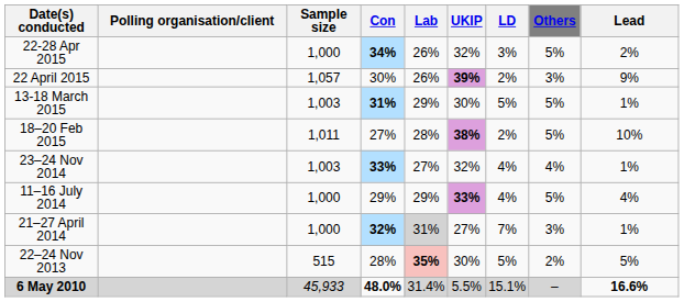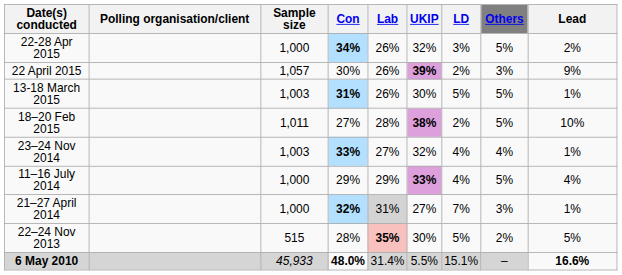 <table class="wikitable sortable" style="text-align:center;font-size:90%;line-height:14px">
 <tr>
 <th ! style="width:95px;">Date(s)<br>conducted</th>
 <th style="width:200px;">Polling organisation/client</th>
 <th class="unsortable" style="width:75px;">Sample size</th>
 <th class="unsortable" style="background:"><a href='#'><span>Con</span></a></th>
 <th class="unsortable" style="background:"><a href='#'><span>Lab</span></a></th>
 <th class="unsortable" style="background:"><a href='#'><span>UKIP</span></a></th>
 <th class="unsortable" style="background:"><a href='#'><span>LD</span></a></th>
 <th class="unsortable" style="background:gray; width:50px;"><a href='#'><span>Others</span></a></th>
 <th class="unsortable" style="width:100px;">Lead</th>
 </tr>
 <tr>
 <td>22-28 Apr 2015</td>
 <td></td>
 <td>1,000</td>
 <td style="background:#B3E0FF"><strong>34%</strong></td>
 <td>26%</td>
 <td>32%</td>
 <td>3%</td>
 <td>5%</td>
 <td style="background:">2%</td>
 </tr>
 <tr>
 <td>22 April 2015</td>
 <td> </td>
 <td>1,057</td>
 <td>30%</td>
 <td>26%</td>
 <td style="background:plum;"><strong>39%</strong></td>
 <td>2%</td>
 <td>3%</td>
 <td style="background:">9%</td>
 </tr>
 <tr>
 <td>13-18 March 2015</td>
 <td> </td>
 <td>1,003</td>
 <td style="background:#B3E0FF"><strong>31%</strong></td>
-<td>29%</td>
+<td>26%</td>
 <td>30%</td>
 <td>5%</td>
 <td>5%</td>
 <td style="background:">1%</td>
 </tr>
 <tr>
 <td>18–20 Feb 2015</td>
 <td> </td>
 <td>1,011</td>
 <td>27%</td>
 <td>28%</td>
 <td style="background:plum;"><strong>38%</strong></td>
 <td>2%</td>
 <td>5%</td>
 <td style="background:">10%</td>
 </tr>
 <tr>
 <td>23–24 Nov 2014</td>
 <td></td>
 <td>1,003</td>
 <td style="background:#B3E0FF"><strong>33%</strong></td>
 <td>27%</td>
 <td>32%</td>
 <td>4%</td>
 <td>4%</td>
 <td style="background:">1%</td>
 </tr>
 <tr>
 <td>11–16 July 2014</td>
 <td></td>
 <td>1,000</td>
 <td>29%</td>
 <td>29%</td>
 <td style="background:plum;"><strong>33%</strong></td>
 <td>4%</td>
 <td>5%</td>
 <td style="background:">4%</td>
 </tr>
 <tr>
 <td>21–27 April 2014</td>
 <td></td>
 <td>1,000</td>
 <td style="background:#B3E0FF"><strong>32%</strong></td>
 <td style="background: lightgrey;">31%</td>
 <td>27%</td>
 <td>7%</td>
 <td>3%</td>
 <td style="background:">1%</td>
 </tr>
 <tr>
 <td>22–24 Nov 2013</td>
 <td></td>
 <td>515</td>
 <td>28%</td>
 <td style="background:#F8C1BE"><strong>35%</strong></td>
 <td>30%</td>
 <td>5%</td>
 <td>2%</td>
 <td style="background:">5%</td>
 </tr>
 <tr>
 <td style="background:#D5D5D5"><strong>6 May 2010</strong></td>
 <td style="background:#D5D5D5"></td>
 <td style="background:#D5D5D5"><em>45,933</em></td>
 <td style="background:"><strong>48.0%</strong></td>
 <td style="background:#D5D5D5">31.4%</td>
 <td style="background:#D5D5D5">5.5%</td>
 <td style="background:#D5D5D5">15.1%</td>
 <td style="background:#D5D5D5">–</td>
 <td style="background:"><strong>16.6% </strong></td>
 </tr>
 </table>
